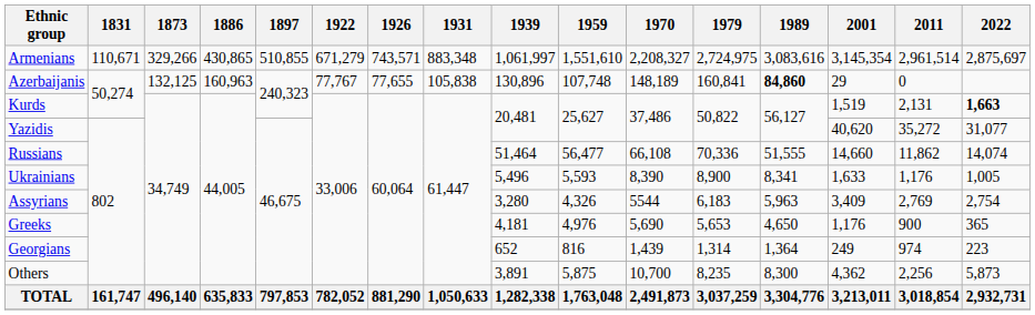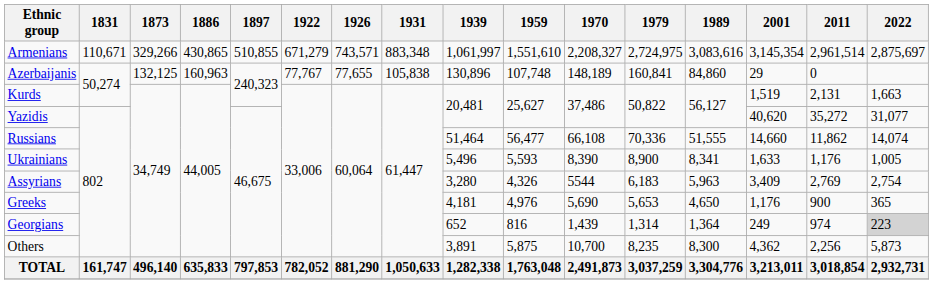 <table class="wikitable">
 <tr>
 <th>Ethnic group</th>
 <th>1831 </th>
 <th>1873 </th>
 <th>1886 </th>
 <th>1897 </th>
 <th>1922 </th>
 <th>1926 </th>
 <th>1931 </th>
 <th>1939 </th>
 <th>1959 </th>
 <th>1970  </th>
 <th>1979 </th>
 <th>1989 </th>
 <th>2001 </th>
 <th>2011 </th>
 <th>2022</th>
 </tr>
 <tr>
 <td><a href='#'>Armenians</a></td>
 <td>110,671</td>
 <td>329,266</td>
 <td>430,865</td>
 <td>510,855</td>
 <td>671,279</td>
 <td>743,571</td>
 <td>883,348</td>
 <td>1,061,997</td>
 <td>1,551,610</td>
 <td>2,208,327</td>
 <td>2,724,975</td>
 <td>3,083,616</td>
 <td>3,145,354</td>
 <td>2,961,514</td>
 <td>2,875,697</td>
 </tr>
 <tr>
 <td><a href='#'>Azerbaijanis</a></td>
 <td rowspan="2">50,274</td>
 <td>132,125</td>
 <td>160,963</td>
 <td rowspan="2">240,323</td>
 <td>77,767</td>
 <td>77,655</td>
 <td>105,838</td>
 <td>130,896</td>
 <td>107,748</td>
 <td>148,189</td>
 <td>160,841</td>
-<td><strong>84,860</strong></td>
+<td>84,860</td>
 <td>29</td>
 <td>0</td>
 <td></td>
 </tr>
 <tr>
 <td><a href='#'>Kurds</a></td>
 <td rowspan="8">34,749</td>
 <td rowspan="8">44,005</td>
 <td rowspan="8">33,006</td>
 <td rowspan="8">60,064</td>
 <td rowspan="8">61,447</td>
 <td rowspan="2">20,481</td>
 <td rowspan="2">25,627</td>
 <td rowspan="2">37,486</td>
 <td rowspan="2">50,822</td>
 <td rowspan="2">56,127</td>
 <td>1,519</td>
 <td>2,131</td>
-<td><strong>1,663</strong></td>
+<td>1,663</td>
 </tr>
 <tr>
 <td><a href='#'>Yazidis</a></td>
 <td rowspan="7">802</td>
 <td rowspan="7">46,675</td>
 <td>40,620</td>
 <td>35,272</td>
 <td>31,077</td>
 </tr>
 <tr>
 <td><a href='#'>Russians</a></td>
 <td>51,464</td>
 <td>56,477</td>
 <td>66,108</td>
 <td>70,336</td>
 <td>51,555</td>
 <td>14,660</td>
 <td>11,862</td>
 <td>14,074</td>
 </tr>
 <tr>
 <td><a href='#'>Ukrainians</a></td>
 <td>5,496</td>
 <td>5,593</td>
 <td>8,390</td>
 <td>8,900</td>
 <td>8,341</td>
 <td>1,633</td>
 <td>1,176</td>
 <td>1,005</td>
 </tr>
 <tr>
 <td><a href='#'>Assyrians</a></td>
 <td>3,280</td>
 <td>4,326</td>
 <td>5544</td>
 <td>6,183</td>
 <td>5,963</td>
 <td>3,409</td>
 <td>2,769</td>
 <td>2,754</td>
 </tr>
 <tr>
 <td><a href='#'>Greeks</a></td>
 <td>4,181</td>
 <td>4,976</td>
 <td>5,690</td>
 <td>5,653</td>
 <td>4,650</td>
 <td>1,176</td>
 <td>900</td>
 <td>365</td>
 </tr>
 <tr>
 <td><a href='#'>Georgians</a></td>
 <td>652</td>
 <td>816</td>
 <td>1,439</td>
 <td>1,314</td>
 <td>1,364</td>
 <td>249</td>
 <td>974</td>
-<td>223</td>
+<td style="background: lightgrey;">223</td>
 </tr>
 <tr>
 <td>Others</td>
 <td>3,891</td>
 <td>5,875</td>
 <td>10,700</td>
 <td>8,235</td>
 <td>8,300</td>
 <td>4,362</td>
 <td>2,256</td>
 <td>5,873</td>
 </tr>
 <tr>
 <th>TOTAL</th>
 <th>161,747</th>
 <th>496,140</th>
 <th>635,833</th>
 <th>797,853</th>
 <th>782,052</th>
 <th>881,290</th>
 <th>1,050,633</th>
 <th>1,282,338</th>
 <th>1,763,048</th>
 <th>2,491,873</th>
 <th>3,037,259</th>
 <th>3,304,776</th>
 <th>3,213,011</th>
 <th>3,018,854</th>
 <th>2,932,731</th>
 </tr>
 <tr>
 </tr>
 </table>
